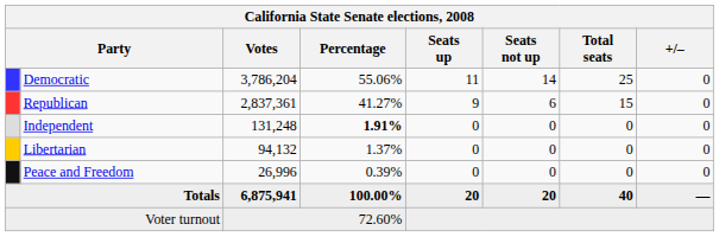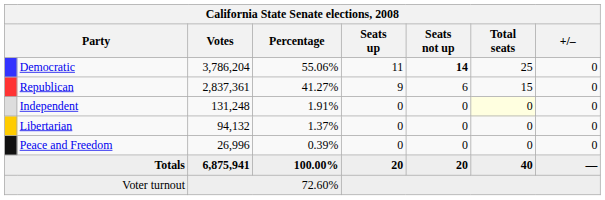 <table class="wikitable" style="font-size: 95%;">
 <tr>
 <th colspan="8">California State Senate elections, 2008</th>
 </tr>
 <tr>
 <th colspan=2 style="width: 15em">Party</th>
 <th style="width: 5em">Votes</th>
 <th style="width: 7em">Percentage</th>
 <th style="width: 5em">Seats<br>up</th>
 <th style="width: 5em">Seats<br>not up</th>
 <th style="width: 5em">Total<br>seats</th>
 <th style="width: 5em">+/–</th>
 </tr>
 <tr>
 <th style="background-color:#3333FF; width: 3px"></th>
 <td style="width: 130px"><a href='#'>Democratic</a></td>
 <td align="right">3,786,204</td>
 <td align="right">55.06%</td>
 <td align="right">11</td>
-<td align="right">14</td>
+<td align="right"><strong>14</strong></td>
 <td align="right">25</td>
 <td align="right">0</td>
 </tr>
 <tr>
 <th style="background-color:#FF3333; width: 3px"></th>
 <td style="width: 130px"><a href='#'>Republican</a></td>
 <td align="right">2,837,361</td>
 <td align="right">41.27%</td>
 <td align="right">9</td>
 <td align="right">6</td>
 <td align="right">15</td>
 <td align="right">0</td>
 </tr>
 <tr>
 <th style="background-color:#DDDDDD; width: 3px"></th>
 <td style="width: 130px"><a href='#'>Independent</a></td>
 <td align="right">131,248</td>
-<td align="right"><strong>1.91%</strong></td>
+<td align="right">1.91%</td>
 <td align="right">0</td>
 <td align="right">0</td>
-<td align="right">0</td>
+<td align="right" style="background: lightyellow;">0</td>
 <td align="right">0</td>
 </tr>
 <tr>
 <th style="background-color:#FFCC00; width: 3px"></th>
 <td style="width: 130px"><a href='#'>Libertarian</a></td>
 <td align="right">94,132</td>
 <td align="right">1.37%</td>
 <td align="right">0</td>
 <td align="right">0</td>
 <td align="right">0</td>
 <td align="right">0</td>
 </tr>
 <tr>
 <th style="background-color:#111111; width: 3px"></th>
 <td style="width: 130px"><a href='#'>Peace and Freedom</a></td>
 <td align="right">26,996</td>
 <td align="right">0.39%</td>
 <td align="right">0</td>
 <td align="right">0</td>
 <td align="right">0</td>
 <td align="right">0</td>
 </tr>
 <tr bgcolor="#EEEEEE">
 <td colspan="2" align="right"><strong>Totals</strong></td>
 <td align="right"><strong>6,875,941</strong></td>
 <td align="right"><strong>100.00%</strong></td>
 <td align="right"><strong>20</strong></td>
 <td align="right"><strong>20</strong></td>
 <td align="right"><strong>40</strong></td>
 <td align="right"><strong>—</strong></td>
 </tr>
 <tr bgcolor="#EEEEEE">
 <td colspan="2" align="right">Voter turnout</td>
 <td colspan="2" align="right">72.60%</td>
 <td colspan="4" align="right"></td>
 </tr>
 </table>
